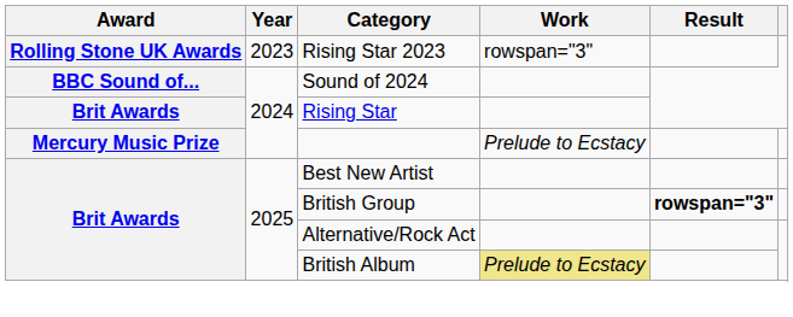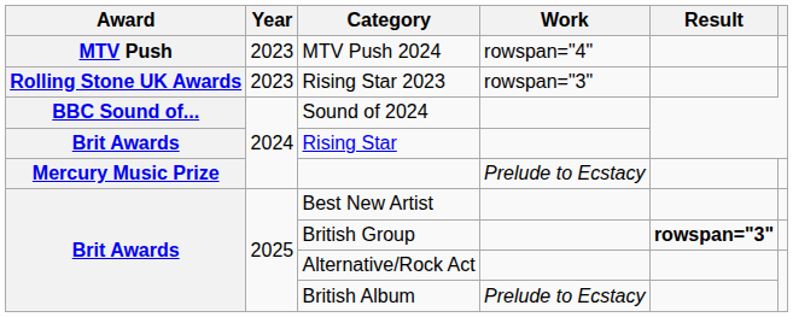 <table class="wikitable sortable plainrowheaders">
 <tr>
 <th>Award</th>
 <th>Year</th>
 <th>Category</th>
 <th>Work</th>
 <th>Result</th>
 <th class="unsortable"></th>
+</tr>
+<tr>
+<th scope="row"><a href='#'>MTV</a> Push</th>
+<td style="text-align: center;">2023</td>
+<td>MTV Push 2024</td>
+<td>rowspan="4" </td>
+<td></td>
+<td style="text-align: center;"></td>
 </tr>
 <tr>
 <th scope="row"><a href='#'>Rolling Stone UK Awards</a></th>
 <td style="text-align: center;">2023</td>
 <td>Rising Star 2023</td>
 <td>rowspan="3" </td>
 <td></td>
 </tr>
 <tr>
 <th scope="row"><a href='#'>BBC Sound of...</a></th>
 <td style="text-align: center;" rowspan="3">2024</td>
 <td>Sound of 2024</td>
 <td style="text-align: center;"></td>
 </tr>
 <tr>
 <th scope="row"><a href='#'>Brit Awards</a></th>
 <td><a href='#'>Rising Star</a></td>
 <td style="text-align: center;"></td>
 </tr>
 <tr>
 <th scope="row"><a href='#'>Mercury Music Prize</a></th>
 <td></td>
 <td><em>Prelude to Ecstacy</em></td>
 <td></td>
 <td style="text-align: center;"></td>
 </tr>
 <tr>
 <th rowspan="4" scope="row"><a href='#'>Brit Awards</a></th>
 <td rowspan="4" style="text-align: center;">2025</td>
 <td>Best New Artist</td>
 <td></td>
 <td></td>
 <td style="text-align: center;"></td>
 </tr>
 <tr>
 <td>British Group</td>
 <td></td>
 <td><strong>rowspan="3" </strong></td>
 <td></td>
 </tr>
 <tr>
 <td>Alternative/Rock Act</td>
 <td></td>
 <td></td>
 </tr>
 <tr>
 <td>British Album</td>
-<td style="background: khaki;"><em>Prelude to Ecstacy</em></td>
+<td><em>Prelude to Ecstacy</em></td>
 <td></td>
 </tr>
 <tr>
 </tr>
 </table>
